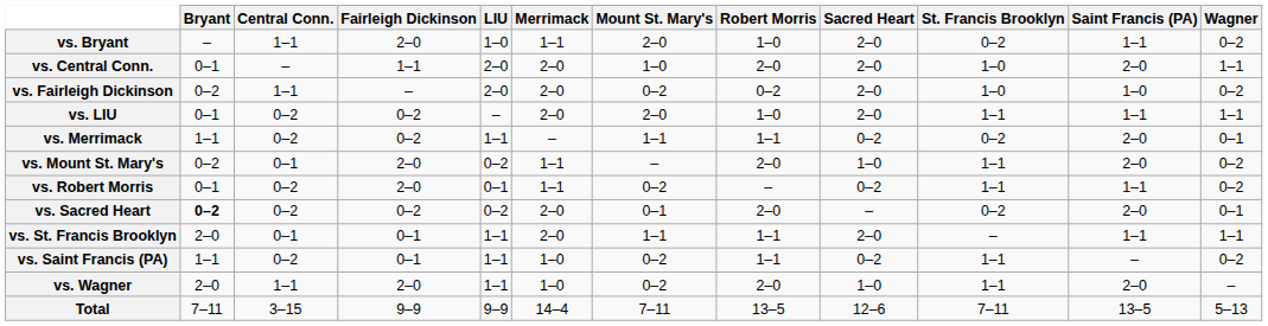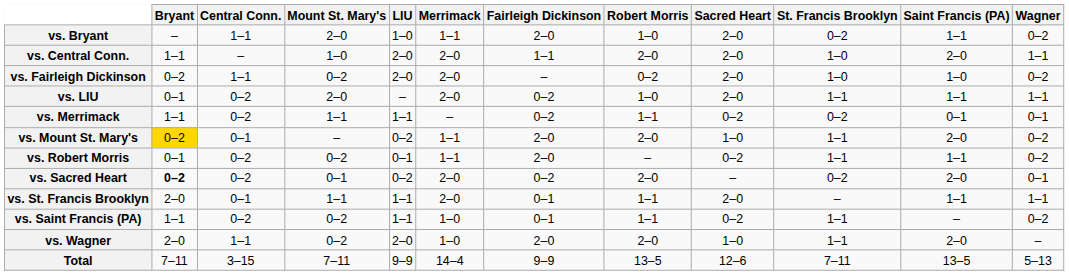 <table class="wikitable" style="white-space:nowrap;font-size:80%;">
 <tr>
 <th colspan=1 style="background:white; border-top-style:hidden; border-left-style:hidden;"   width=75> </th>
 <th>Bryant</th>
 <th>Central Conn.</th>
-<th>Fairleigh Dickinson</th>
+<th>Mount St. Mary's</th>
 <th>LIU</th>
 <th>Merrimack</th>
-<th>Mount St. Mary's</th>
+<th>Fairleigh Dickinson</th>
 <th>Robert Morris</th>
 <th>Sacred Heart</th>
 <th>St. Francis Brooklyn</th>
 <th>Saint Francis (PA)</th>
 <th>Wagner</th>
 </tr>
 <tr style="text-align:center;">
 <th>vs. Bryant</th>
 <td>–</td>
 <td>1–1</td>
 <td>2–0</td>
 <td>1–0</td>
 <td>1–1</td>
 <td>2–0</td>
 <td>1–0</td>
 <td>2–0</td>
 <td>0–2</td>
 <td>1–1</td>
 <td>0–2</td>
 </tr>
 <tr style="text-align:center;">
 <th>vs. Central Conn.</th>
-<td>0–1</td>
+<td>1–1</td>
 <td>–</td>
-<td>1–1</td>
+<td>1–0</td>
 <td>2–0</td>
 <td>2–0</td>
-<td>1–0</td>
+<td>1–1</td>
 <td>2–0</td>
 <td>2–0</td>
 <td>1–0</td>
 <td>2–0</td>
 <td>1–1</td>
 </tr>
 <tr style="text-align:center;">
 <th>vs. Fairleigh Dickinson</th>
 <td>0–2</td>
 <td>1–1</td>
-<td>–</td>
+<td>0–2</td>
 <td>2–0</td>
 <td>2–0</td>
-<td>0–2</td>
+<td>–</td>
 <td>0–2</td>
 <td>2–0</td>
 <td>1–0</td>
 <td>1–0</td>
 <td>0–2</td>
 </tr>
 <tr style="text-align:center;">
 <th>vs. LIU</th>
 <td>0–1</td>
 <td>0–2</td>
-<td>0–2</td>
+<td>2–0</td>
 <td>–</td>
 <td>2–0</td>
-<td>2–0</td>
+<td>0–2</td>
 <td>1–0</td>
 <td>2–0</td>
 <td>1–1</td>
 <td>1–1</td>
 <td>1–1</td>
 </tr>
 <tr style="text-align:center;">
 <th>vs. Merrimack</th>
 <td>1–1</td>
 <td>0–2</td>
-<td>0–2</td>
+<td>1–1</td>
 <td>1–1</td>
 <td>–</td>
-<td>1–1</td>
+<td>0–2</td>
 <td>1–1</td>
 <td>0–2</td>
 <td>0–2</td>
-<td>2–0</td>
+<td>0–1</td>
 <td>0–1</td>
 </tr>
 <tr style="text-align:center;">
 <th>vs. Mount St. Mary's</th>
-<td>0–2</td>
+<td style="background: gold;">0–2</td>
 <td>0–1</td>
-<td>2–0</td>
+<td>–</td>
 <td>0–2</td>
 <td>1–1</td>
-<td>–</td>
+<td>2–0</td>
 <td>2–0</td>
 <td>1–0</td>
 <td>1–1</td>
 <td>2–0</td>
 <td>0–2</td>
 </tr>
 <tr style="text-align:center;">
 <th>vs. Robert Morris</th>
 <td>0–1</td>
 <td>0–2</td>
-<td>2–0</td>
+<td>0–2</td>
 <td>0–1</td>
 <td>1–1</td>
-<td>0–2</td>
+<td>2–0</td>
 <td>–</td>
 <td>0–2</td>
 <td>1–1</td>
 <td>1–1</td>
 <td>0–2</td>
 </tr>
 <tr style="text-align:center;">
 <th>vs. Sacred Heart</th>
 <td><strong>0–2</strong></td>
 <td>0–2</td>
-<td>0–2</td>
+<td>0–1</td>
 <td>0–2</td>
 <td>2–0</td>
-<td>0–1</td>
+<td>0–2</td>
 <td>2–0</td>
 <td>–</td>
 <td>0–2</td>
 <td>2–0</td>
 <td>0–1</td>
 </tr>
 <tr style="text-align:center;">
 <th>vs. St. Francis Brooklyn</th>
 <td>2–0</td>
 <td>0–1</td>
-<td>0–1</td>
+<td>1–1</td>
 <td>1–1</td>
 <td>2–0</td>
-<td>1–1</td>
+<td>0–1</td>
 <td>1–1</td>
 <td>2–0</td>
 <td>–</td>
 <td>1–1</td>
 <td>1–1</td>
 </tr>
 <tr style="text-align:center;">
 <th>vs. Saint Francis (PA)</th>
 <td>1–1</td>
 <td>0–2</td>
-<td>0–1</td>
+<td>0–2</td>
 <td>1–1</td>
 <td>1–0</td>
-<td>0–2</td>
+<td>0–1</td>
 <td>1–1</td>
 <td>0–2</td>
 <td>1–1</td>
 <td>–</td>
 <td>0–2</td>
 </tr>
 <tr style="text-align:center;">
 <th>vs. Wagner</th>
 <td>2–0</td>
 <td>1–1</td>
+<td>0–2</td>
 <td>2–0</td>
-<td>1–1</td>
 <td>1–0</td>
-<td>0–2</td>
+<td>2–0</td>
 <td>2–0</td>
 <td>1–0</td>
 <td>1–1</td>
 <td>2–0</td>
 <td>–<br></td>
 </tr>
 <tr style="text-align:center;">
 <th>Total</th>
 <td>7–11</td>
 <td>3–15</td>
-<td>9–9</td>
+<td>7–11</td>
 <td>9–9</td>
 <td>14–4</td>
-<td>7–11</td>
+<td>9–9</td>
 <td>13–5</td>
 <td>12–6</td>
 <td>7–11</td>
 <td>13–5</td>
 <td>5–13</td>
 </tr>
 </table>
